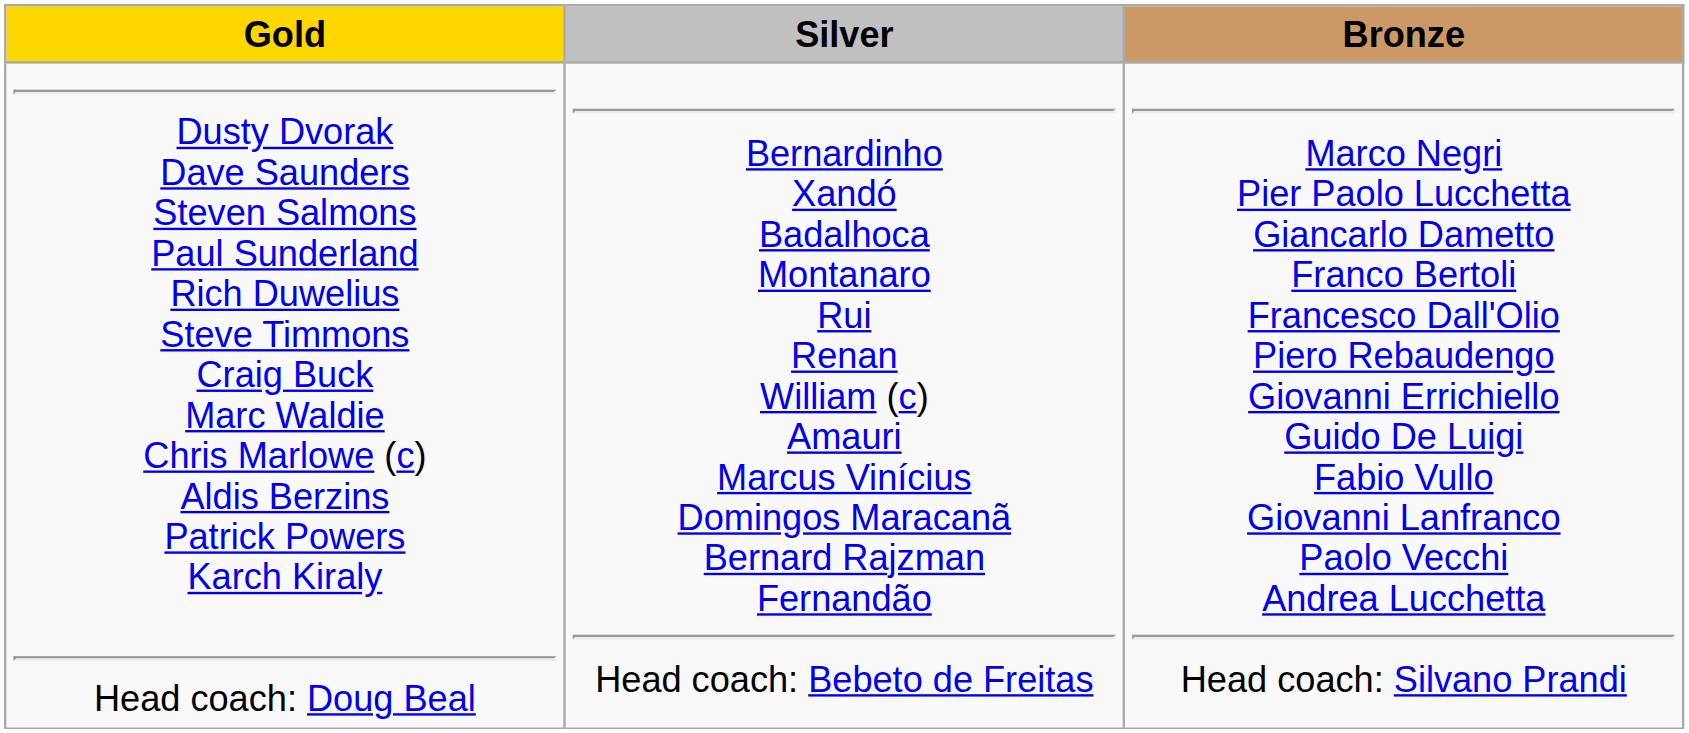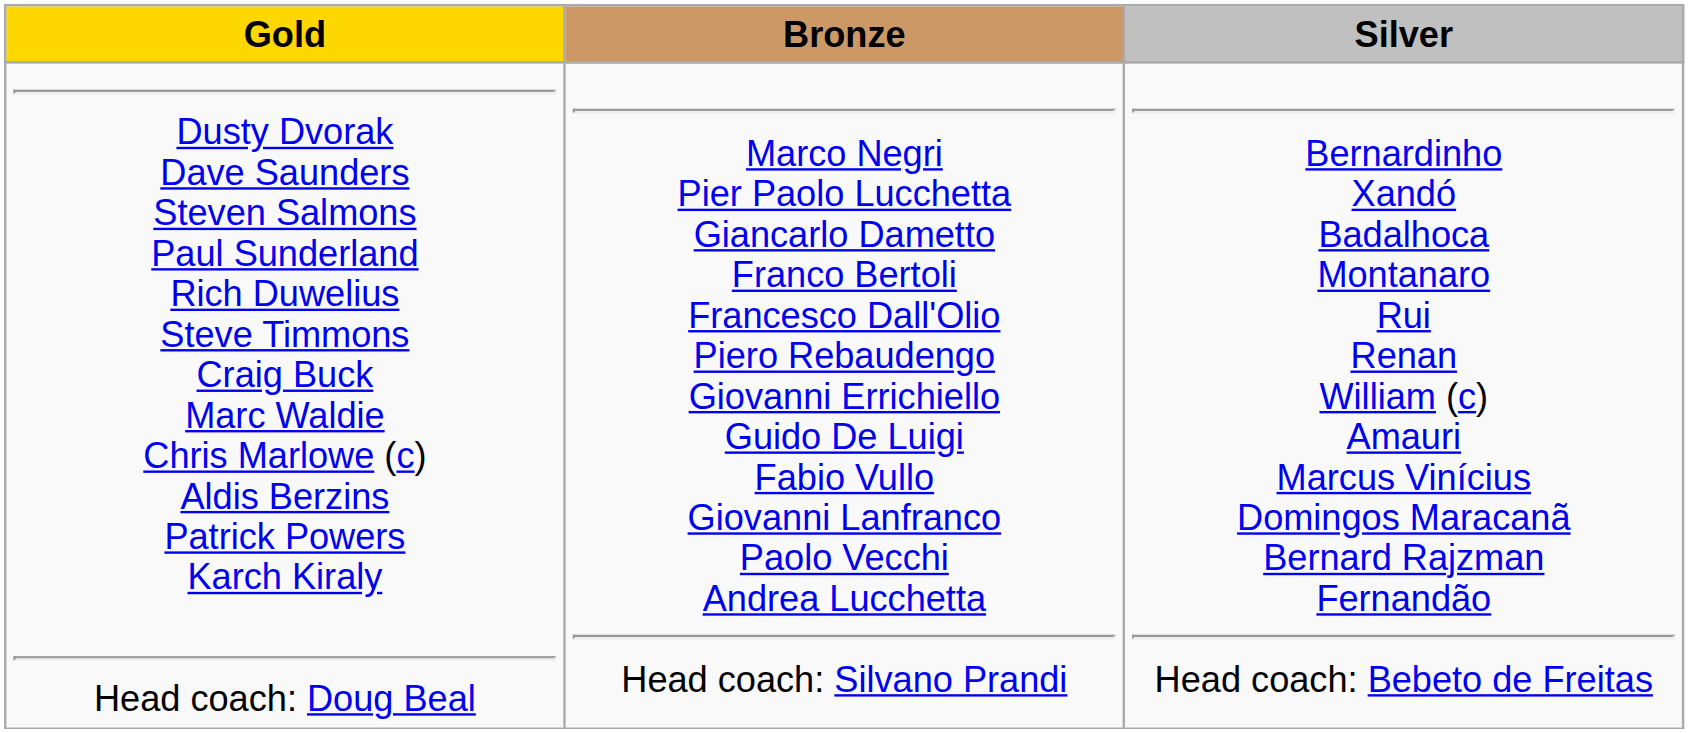 <table class="wikitable" style="text-align:center; font-size:95%;">
 <tr>
 <th style="width:15em; background:gold">Gold</th>
+<th style="width:15em; background:#cc9966">Bronze</th>
 <th style="width:15em; background:silver">Silver</th>
-<th style="width:15em; background:#cc9966">Bronze</th>
 </tr>
 <tr>
 <td><hr><a href='#'>Dusty Dvorak</a><br><a href='#'>Dave Saunders</a><br><a href='#'>Steven Salmons</a><br><a href='#'>Paul Sunderland</a><br><a href='#'>Rich Duwelius</a><br><a href='#'>Steve Timmons</a><br><a href='#'>Craig Buck</a><br><a href='#'>Marc Waldie</a><br><a href='#'>Chris Marlowe</a> (<a href='#'>c</a>)<br><a href='#'>Aldis Berzins</a><br><a href='#'>Patrick Powers</a><br><a href='#'>Karch Kiraly</a><br><br><hr>Head coach: <a href='#'>Doug Beal</a></td>
+<td><hr><a href='#'>Marco Negri</a><br><a href='#'>Pier Paolo Lucchetta</a><br><a href='#'>Giancarlo Dametto</a><br><a href='#'>Franco Bertoli</a><br><a href='#'>Francesco Dall'Olio</a><br><a href='#'>Piero Rebaudengo</a><br><a href='#'>Giovanni Errichiello</a><br><a href='#'>Guido De Luigi</a><br><a href='#'>Fabio Vullo</a><br><a href='#'>Giovanni Lanfranco</a><br><a href='#'>Paolo Vecchi</a><br><a href='#'>Andrea Lucchetta</a><br><hr>Head coach: <a href='#'>Silvano Prandi</a></td>
 <td><hr><a href='#'>Bernardinho</a><br><a href='#'>Xandó</a><br><a href='#'>Badalhoca</a><br><a href='#'>Montanaro</a><br><a href='#'>Rui</a><br><a href='#'>Renan</a><br><a href='#'>William</a> (<a href='#'>c</a>)<br><a href='#'>Amauri</a><br><a href='#'>Marcus Vinícius</a><br><a href='#'>Domingos Maracanã</a><br><a href='#'>Bernard Rajzman</a><br><a href='#'>Fernandão</a><br><hr>Head coach: <a href='#'>Bebeto de Freitas</a></td>
-<td><hr><a href='#'>Marco Negri</a><br><a href='#'>Pier Paolo Lucchetta</a><br><a href='#'>Giancarlo Dametto</a><br><a href='#'>Franco Bertoli</a><br><a href='#'>Francesco Dall'Olio</a><br><a href='#'>Piero Rebaudengo</a><br><a href='#'>Giovanni Errichiello</a><br><a href='#'>Guido De Luigi</a><br><a href='#'>Fabio Vullo</a><br><a href='#'>Giovanni Lanfranco</a><br><a href='#'>Paolo Vecchi</a><br><a href='#'>Andrea Lucchetta</a><br><hr>Head coach: <a href='#'>Silvano Prandi</a></td>
 </tr>
 </table>
